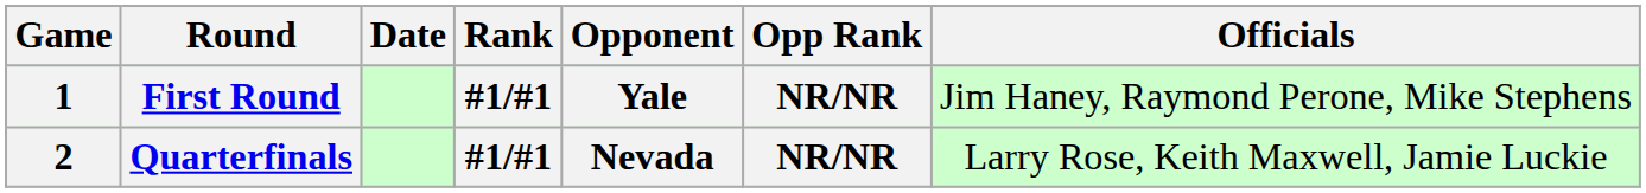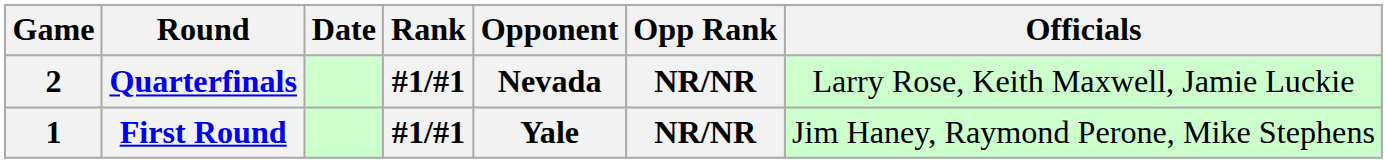 <table class="wikitable">
 <tr>
 <th>Game</th>
 <th>Round</th>
 <th>Date</th>
 <th>Rank</th>
 <th>Opponent</th>
 <th>Opp Rank</th>
 <th>Officials</th>
 </tr>
 <tr align="center" bgcolor="#ccffcc">
+<th>2</th>
+<th><a href='#'>Quarterfinals</a></th>
+<td></td>
+<th>#1/#1</th>
+<th>Nevada</th>
+<th>NR/NR</th>
+<td>Larry Rose, Keith Maxwell, Jamie Luckie</td>
+</tr>
+<tr align="center" bgcolor="#ccffcc">
 <th>1</th>
 <th><a href='#'>First Round</a></th>
 <td></td>
 <th>#1/#1</th>
 <th>Yale</th>
 <th>NR/NR</th>
 <td>Jim Haney, Raymond Perone, Mike Stephens</td>
 </tr>
-<tr align="center" bgcolor="#ccffcc">
-<th>2</th>
-<th><a href='#'>Quarterfinals</a></th>
-<td></td>
-<th>#1/#1</th>
-<th>Nevada</th>
-<th>NR/NR</th>
-<td>Larry Rose, Keith Maxwell, Jamie Luckie</td>
-</tr>
 </table>
